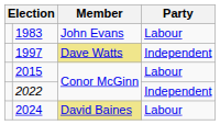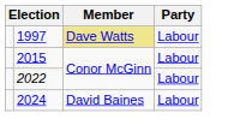 <table class="wikitable">
 <tr>
 <th colspan=2>Election</th>
 <th>Member</th>
 <th>Party</th>
 </tr>
 <tr>
 <td style="color:inherit;background-color: "></td>
-<td><a href='#'>1983</a></td>
-<td><a href='#'>John Evans</a></td>
-<td><a href='#'>Labour</a></td>
-</tr>
-<tr>
-<td style="color:inherit;background-color: "></td>
 <td><a href='#'>1997</a></td>
 <td style="background: khaki;"><a href='#'>Dave Watts</a></td>
-<td><a href='#'>Independent</a></td>
+<td><a href='#'>Labour</a></td>
 </tr>
 <tr>
 <td style="color:inherit;background-color: "></td>
 <td><a href='#'>2015</a></td>
 <td rowspan=2><a href='#'>Conor McGinn</a></td>
 <td><a href='#'>Labour</a></td>
 </tr>
 <tr>
 <td style="color:inherit;background-color: "></td>
 <td><em>2022</em></td>
-<td><a href='#'>Independent</a></td>
+<td><a href='#'>Labour</a></td>
 </tr>
 <tr>
 <td style="color:inherit;background-color: "></td>
 <td><a href='#'>2024</a></td>
-<td style="background: khaki;"><a href='#'>David Baines</a></td>
+<td><a href='#'>David Baines</a></td>
 <td><a href='#'>Labour</a></td>
 </tr>
 </table>
